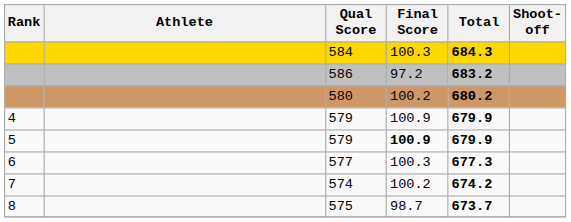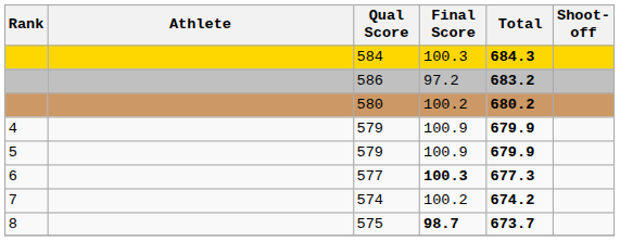 <table class="wikitable" style="font-size:95%" style="width:35em;" style="text-align:center">
 <tr>
 <th>Rank</th>
 <th width=250>Athlete</th>
 <th width=50>Qual Score</th>
 <th width=50>Final Score</th>
 <th width=50>Total</th>
 <th width=40>Shoot-off</th>
 </tr>
 <tr bgcolor=gold>
 <td></td>
 <td align=left></td>
 <td>584</td>
 <td>100.3</td>
 <td><strong>684.3</strong></td>
 <td></td>
 </tr>
 <tr bgcolor=silver>
 <td></td>
 <td align=left></td>
 <td>586</td>
 <td>97.2</td>
 <td><strong>683.2</strong></td>
 <td></td>
 </tr>
 <tr bgcolor=cc9966>
 <td></td>
 <td align=left></td>
 <td>580</td>
 <td>100.2</td>
 <td><strong>680.2</strong></td>
 <td></td>
 </tr>
 <tr>
 <td>4</td>
 <td align=left></td>
 <td>579</td>
 <td>100.9</td>
 <td><strong>679.9</strong></td>
 <td></td>
 </tr>
 <tr>
 <td>5</td>
 <td align=left></td>
 <td>579</td>
-<td><strong>100.9</strong></td>
+<td>100.9</td>
 <td><strong>679.9</strong></td>
 <td></td>
 </tr>
 <tr>
 <td>6</td>
 <td align=left></td>
 <td>577</td>
-<td>100.3</td>
+<td><strong>100.3</strong></td>
 <td><strong>677.3</strong></td>
 <td></td>
 </tr>
 <tr>
 <td>7</td>
 <td align=left></td>
 <td>574</td>
 <td>100.2</td>
 <td><strong>674.2</strong></td>
 <td></td>
 </tr>
 <tr>
 <td>8</td>
 <td align=left></td>
 <td>575</td>
-<td>98.7</td>
+<td><strong>98.7</strong></td>
 <td><strong>673.7</strong></td>
 <td></td>
 </tr>
 <tr>
 </tr>
 </table>
